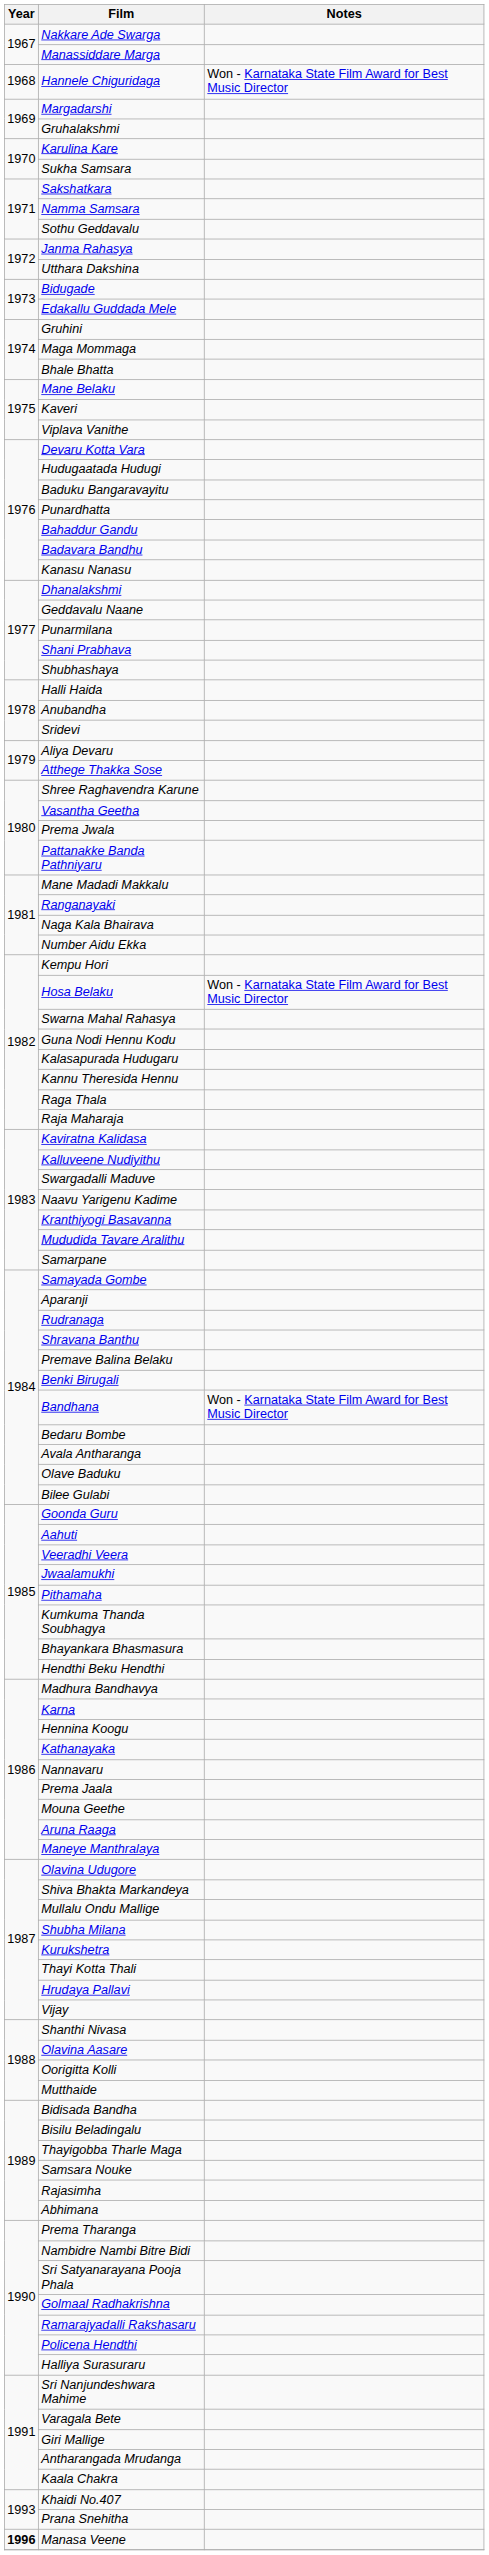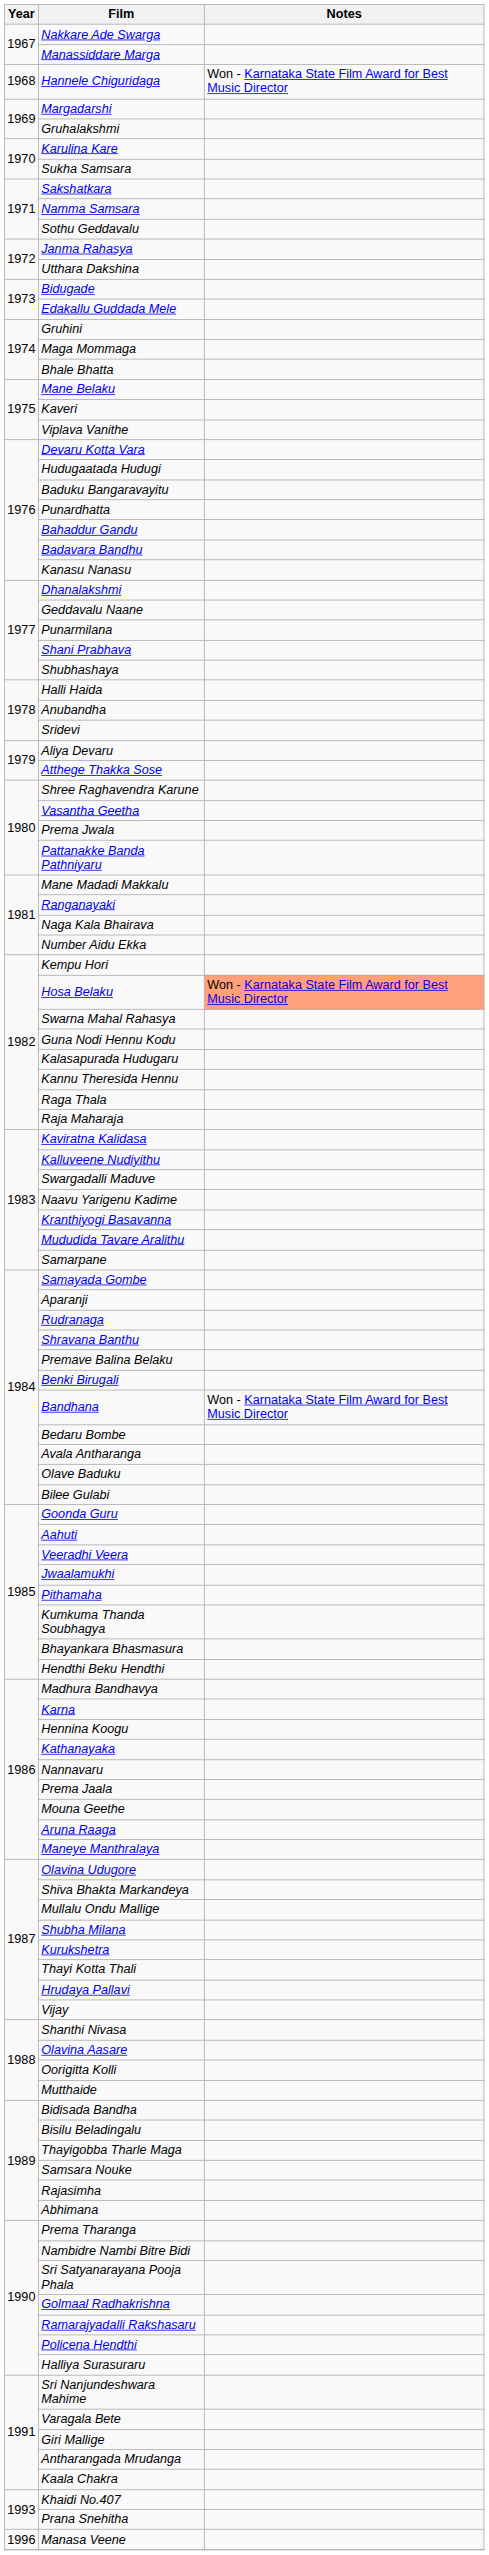 <table class="wikitable sortable">
 <tr>
 <th>Year</th>
 <th>Film</th>
 <th>Notes</th>
 </tr>
 <tr>
 <td rowspan="2">1967</td>
 <td><em><a href='#'>Nakkare Ade Swarga</a></em></td>
 <td></td>
 </tr>
 <tr>
 <td><em><a href='#'>Manassiddare Marga</a></em></td>
 <td></td>
 </tr>
 <tr>
 <td>1968</td>
 <td><em><a href='#'>Hannele Chiguridaga</a></em></td>
 <td>Won - <a href='#'>Karnataka State Film Award for Best Music Director</a></td>
 </tr>
 <tr>
 <td rowspan="2">1969</td>
 <td><em><a href='#'>Margadarshi</a></em></td>
 <td></td>
 </tr>
 <tr>
 <td><em>Gruhalakshmi</em></td>
 <td></td>
 </tr>
 <tr>
 <td rowspan="2">1970</td>
 <td><em><a href='#'>Karulina Kare</a></em></td>
 <td></td>
 </tr>
 <tr>
 <td><em>Sukha Samsara</em></td>
 <td></td>
 </tr>
 <tr>
 <td rowspan="3">1971</td>
 <td><em><a href='#'>Sakshatkara</a></em></td>
 <td></td>
 </tr>
 <tr>
 <td><em><a href='#'>Namma Samsara</a></em></td>
 <td></td>
 </tr>
 <tr>
 <td><em>Sothu Geddavalu</em></td>
 <td></td>
 </tr>
 <tr>
 <td rowspan="2">1972</td>
 <td><em><a href='#'>Janma Rahasya</a></em></td>
 <td></td>
 </tr>
 <tr>
 <td><em>Utthara Dakshina</em></td>
 <td></td>
 </tr>
 <tr>
 <td rowspan="2">1973</td>
 <td><em><a href='#'>Bidugade</a></em></td>
 <td></td>
 </tr>
 <tr>
 <td><em><a href='#'>Edakallu Guddada Mele</a></em></td>
 <td></td>
 </tr>
 <tr>
 <td rowspan="3">1974</td>
 <td><em>Gruhini</em></td>
 <td></td>
 </tr>
 <tr>
 <td><em>Maga Mommaga</em></td>
 <td></td>
 </tr>
 <tr>
 <td><em>Bhale Bhatta</em></td>
 <td></td>
 </tr>
 <tr>
 <td rowspan="3">1975</td>
 <td><em><a href='#'>Mane Belaku</a></em></td>
 <td></td>
 </tr>
 <tr>
 <td><em>Kaveri</em></td>
 <td></td>
 </tr>
 <tr>
 <td><em>Viplava Vanithe</em></td>
 <td></td>
 </tr>
 <tr>
 <td rowspan="7">1976</td>
 <td><em><a href='#'>Devaru Kotta Vara</a></em></td>
 <td></td>
 </tr>
 <tr>
 <td><em>Hudugaatada Hudugi</em></td>
 <td></td>
 </tr>
 <tr>
 <td><em>Baduku Bangaravayitu</em></td>
 <td></td>
 </tr>
 <tr>
 <td><em>Punardhatta</em></td>
 <td></td>
 </tr>
 <tr>
 <td><em><a href='#'>Bahaddur Gandu</a></em></td>
 <td></td>
 </tr>
 <tr>
 <td><em><a href='#'>Badavara Bandhu</a></em></td>
 <td></td>
 </tr>
 <tr>
 <td><em>Kanasu Nanasu</em></td>
 <td></td>
 </tr>
 <tr>
 <td rowspan="5">1977</td>
 <td><em><a href='#'>Dhanalakshmi</a></em></td>
 <td></td>
 </tr>
 <tr>
 <td><em>Geddavalu Naane</em></td>
 <td></td>
 </tr>
 <tr>
 <td><em>Punarmilana</em></td>
 <td></td>
 </tr>
 <tr>
 <td><em><a href='#'>Shani Prabhava</a></em></td>
 <td></td>
 </tr>
 <tr>
 <td><em>Shubhashaya</em></td>
 <td></td>
 </tr>
 <tr>
 <td rowspan="3">1978</td>
 <td><em>Halli Haida</em></td>
 <td></td>
 </tr>
 <tr>
 <td><em>Anubandha</em></td>
 <td></td>
 </tr>
 <tr>
 <td><em>Sridevi</em></td>
 <td></td>
 </tr>
 <tr>
 <td rowspan="2">1979</td>
 <td><em>Aliya Devaru</em></td>
 <td></td>
 </tr>
 <tr>
 <td><em><a href='#'>Atthege Thakka Sose</a></em></td>
 <td></td>
 </tr>
 <tr>
 <td rowspan="4">1980</td>
 <td><em>Shree Raghavendra Karune</em></td>
 <td></td>
 </tr>
 <tr>
 <td><em><a href='#'>Vasantha Geetha</a></em></td>
 <td></td>
 </tr>
 <tr>
 <td><em>Prema Jwala</em></td>
 <td></td>
 </tr>
 <tr>
 <td><em><a href='#'>Pattanakke Banda Pathniyaru</a></em></td>
 <td></td>
 </tr>
 <tr>
 <td rowspan="4">1981</td>
 <td><em>Mane Madadi Makkalu</em></td>
 <td></td>
 </tr>
 <tr>
 <td><em><a href='#'>Ranganayaki</a></em></td>
 <td></td>
 </tr>
 <tr>
 <td><em>Naga Kala Bhairava</em></td>
 <td></td>
 </tr>
 <tr>
 <td><em>Number Aidu Ekka</em></td>
 <td></td>
 </tr>
 <tr>
 <td rowspan="8">1982</td>
 <td><em>Kempu Hori</em></td>
 <td></td>
 </tr>
 <tr>
 <td><em><a href='#'>Hosa Belaku</a></em></td>
-<td>Won - <a href='#'>Karnataka State Film Award for Best Music Director</a></td>
+<td style="background: lightsalmon;">Won - <a href='#'>Karnataka State Film Award for Best Music Director</a></td>
 </tr>
 <tr>
 <td><em>Swarna Mahal Rahasya</em></td>
 <td></td>
 </tr>
 <tr>
 <td><em>Guna Nodi Hennu Kodu</em></td>
 <td></td>
 </tr>
 <tr>
 <td><em>Kalasapurada Hudugaru</em></td>
 <td></td>
 </tr>
 <tr>
 <td><em>Kannu Theresida Hennu</em></td>
 <td></td>
 </tr>
 <tr>
 <td><em>Raga Thala</em></td>
 <td></td>
 </tr>
 <tr>
 <td><em>Raja Maharaja</em></td>
 <td></td>
 </tr>
 <tr>
 <td rowspan="7">1983</td>
 <td><em><a href='#'>Kaviratna Kalidasa</a></em></td>
 <td></td>
 </tr>
 <tr>
 <td><em><a href='#'>Kalluveene Nudiyithu</a></em></td>
 <td></td>
 </tr>
 <tr>
 <td><em>Swargadalli Maduve</em></td>
 <td></td>
 </tr>
 <tr>
 <td><em>Naavu Yarigenu Kadime</em></td>
 <td></td>
 </tr>
 <tr>
 <td><em><a href='#'>Kranthiyogi Basavanna</a></em></td>
 <td></td>
 </tr>
 <tr>
 <td><em><a href='#'>Mududida Tavare Aralithu</a></em></td>
 <td></td>
 </tr>
 <tr>
 <td><em>Samarpane</em></td>
 <td></td>
 </tr>
 <tr>
 <td rowspan="11">1984</td>
 <td><em><a href='#'>Samayada Gombe</a></em></td>
 <td></td>
 </tr>
 <tr>
 <td><em>Aparanji</em></td>
 <td></td>
 </tr>
 <tr>
 <td><em><a href='#'>Rudranaga</a></em></td>
 <td></td>
 </tr>
 <tr>
 <td><em><a href='#'>Shravana Banthu</a></em></td>
 <td></td>
 </tr>
 <tr>
 <td><em>Premave Balina Belaku</em></td>
 <td></td>
 </tr>
 <tr>
 <td><em><a href='#'>Benki Birugali</a></em></td>
 <td></td>
 </tr>
 <tr>
 <td><em><a href='#'>Bandhana</a></em></td>
 <td>Won - <a href='#'>Karnataka State Film Award for Best Music Director</a></td>
 </tr>
 <tr>
 <td><em>Bedaru Bombe</em></td>
 <td></td>
 </tr>
 <tr>
 <td><em>Avala Antharanga</em></td>
 <td></td>
 </tr>
 <tr>
 <td><em>Olave Baduku</em></td>
 <td></td>
 </tr>
 <tr>
 <td><em>Bilee Gulabi</em></td>
 <td></td>
 </tr>
 <tr>
 <td rowspan="8">1985</td>
 <td><em><a href='#'>Goonda Guru</a></em></td>
 <td></td>
 </tr>
 <tr>
 <td><em><a href='#'>Aahuti</a></em></td>
 <td></td>
 </tr>
 <tr>
 <td><em><a href='#'>Veeradhi Veera</a></em></td>
 <td></td>
 </tr>
 <tr>
 <td><em><a href='#'>Jwaalamukhi</a></em></td>
 <td></td>
 </tr>
 <tr>
 <td><em><a href='#'>Pithamaha</a></em></td>
 <td></td>
 </tr>
 <tr>
 <td><em>Kumkuma Thanda Soubhagya</em></td>
 <td></td>
 </tr>
 <tr>
 <td><em>Bhayankara Bhasmasura</em></td>
 <td></td>
 </tr>
 <tr>
 <td><em>Hendthi Beku Hendthi</em></td>
 <td></td>
 </tr>
 <tr>
 <td rowspan="9">1986</td>
 <td><em>Madhura Bandhavya</em></td>
 <td></td>
 </tr>
 <tr>
 <td><em><a href='#'>Karna</a></em></td>
 <td></td>
 </tr>
 <tr>
 <td><em>Hennina Koogu</em></td>
 <td></td>
 </tr>
 <tr>
 <td><em><a href='#'>Kathanayaka</a></em></td>
 <td></td>
 </tr>
 <tr>
 <td><em>Nannavaru</em></td>
 <td></td>
 </tr>
 <tr>
 <td><em>Prema Jaala</em></td>
 <td></td>
 </tr>
 <tr>
 <td><em>Mouna Geethe</em></td>
 <td></td>
 </tr>
 <tr>
 <td><em><a href='#'>Aruna Raaga</a></em></td>
 <td></td>
 </tr>
 <tr>
 <td><em><a href='#'>Maneye Manthralaya</a></em></td>
 <td></td>
 </tr>
 <tr>
 <td rowspan="8">1987</td>
 <td><em><a href='#'>Olavina Udugore</a></em></td>
 <td></td>
 </tr>
 <tr>
 <td><em>Shiva Bhakta Markandeya</em></td>
 <td></td>
 </tr>
 <tr>
 <td><em>Mullalu Ondu Mallige</em></td>
 <td></td>
 </tr>
 <tr>
 <td><em><a href='#'>Shubha Milana</a></em></td>
 <td></td>
 </tr>
 <tr>
 <td><em><a href='#'>Kurukshetra</a></em></td>
 <td></td>
 </tr>
 <tr>
 <td><em>Thayi Kotta Thali</em></td>
 <td></td>
 </tr>
 <tr>
 <td><em><a href='#'>Hrudaya Pallavi</a></em></td>
 <td></td>
 </tr>
 <tr>
 <td><em>Vijay</em></td>
 <td></td>
 </tr>
 <tr>
 <td rowspan="4">1988</td>
 <td><em>Shanthi Nivasa</em></td>
 <td></td>
 </tr>
 <tr>
 <td><em><a href='#'>Olavina Aasare</a></em></td>
 <td></td>
 </tr>
 <tr>
 <td><em>Oorigitta Kolli</em></td>
 <td></td>
 </tr>
 <tr>
 <td><em>Mutthaide</em></td>
 <td></td>
 </tr>
 <tr>
 <td rowspan="6">1989</td>
 <td><em>Bidisada Bandha</em></td>
 <td></td>
 </tr>
 <tr>
 <td><em>Bisilu Beladingalu</em></td>
 <td></td>
 </tr>
 <tr>
 <td><em>Thayigobba Tharle Maga</em></td>
 <td></td>
 </tr>
 <tr>
 <td><em>Samsara Nouke</em></td>
 <td></td>
 </tr>
 <tr>
 <td><em>Rajasimha</em></td>
 <td></td>
 </tr>
 <tr>
 <td><em>Abhimana</em></td>
 <td></td>
 </tr>
 <tr>
 <td rowspan="7">1990</td>
 <td><em>Prema Tharanga</em></td>
 <td></td>
 </tr>
 <tr>
 <td><em>Nambidre Nambi Bitre Bidi</em></td>
 <td></td>
 </tr>
 <tr>
 <td><em>Sri Satyanarayana Pooja Phala</em></td>
 <td></td>
 </tr>
 <tr>
 <td><em><a href='#'>Golmaal Radhakrishna</a></em></td>
 <td></td>
 </tr>
 <tr>
 <td><em><a href='#'>Ramarajyadalli Rakshasaru</a></em></td>
 <td></td>
 </tr>
 <tr>
 <td><em><a href='#'>Policena Hendthi</a></em></td>
 <td></td>
 </tr>
 <tr>
 <td><em>Halliya Surasuraru</em></td>
 <td></td>
 </tr>
 <tr>
 <td rowspan="5">1991</td>
 <td><em>Sri Nanjundeshwara Mahime</em></td>
 <td></td>
 </tr>
 <tr>
 <td><em>Varagala Bete</em></td>
 <td></td>
 </tr>
 <tr>
 <td><em>Giri Mallige</em></td>
 <td></td>
 </tr>
 <tr>
 <td><em>Antharangada Mrudanga</em></td>
 <td></td>
 </tr>
 <tr>
 <td><em>Kaala Chakra</em></td>
 <td></td>
 </tr>
 <tr>
 <td rowspan="2">1993</td>
 <td><em>Khaidi No.407</em></td>
 <td></td>
 </tr>
 <tr>
 <td><em>Prana Snehitha</em></td>
 <td></td>
 </tr>
 <tr>
-<td><strong>1996</strong></td>
+<td>1996</td>
 <td><em>Manasa Veene</em></td>
 <td></td>
 </tr>
 <tr>
 </tr>
 </table>
